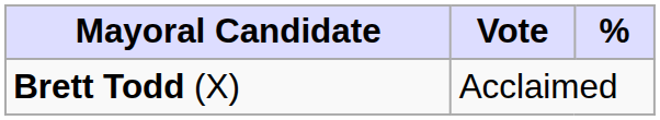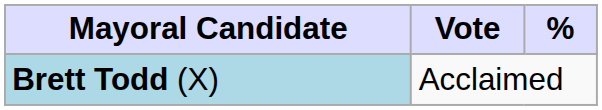 <table class="wikitable">
 <tr>
 <th style="background:#ddf; width:200px;">Mayoral Candidate</th>
 <th style="background:#ddf; width:50px;">Vote</th>
 <th style="background:#ddf; width:30px;">%</th>
 </tr>
 <tr>
-<td><strong>Brett Todd</strong> (X)</td>
+<td style="background: lightblue;"><strong>Brett Todd</strong> (X)</td>
 <td colspan="2">Acclaimed</td>
 </tr>
 </table>
